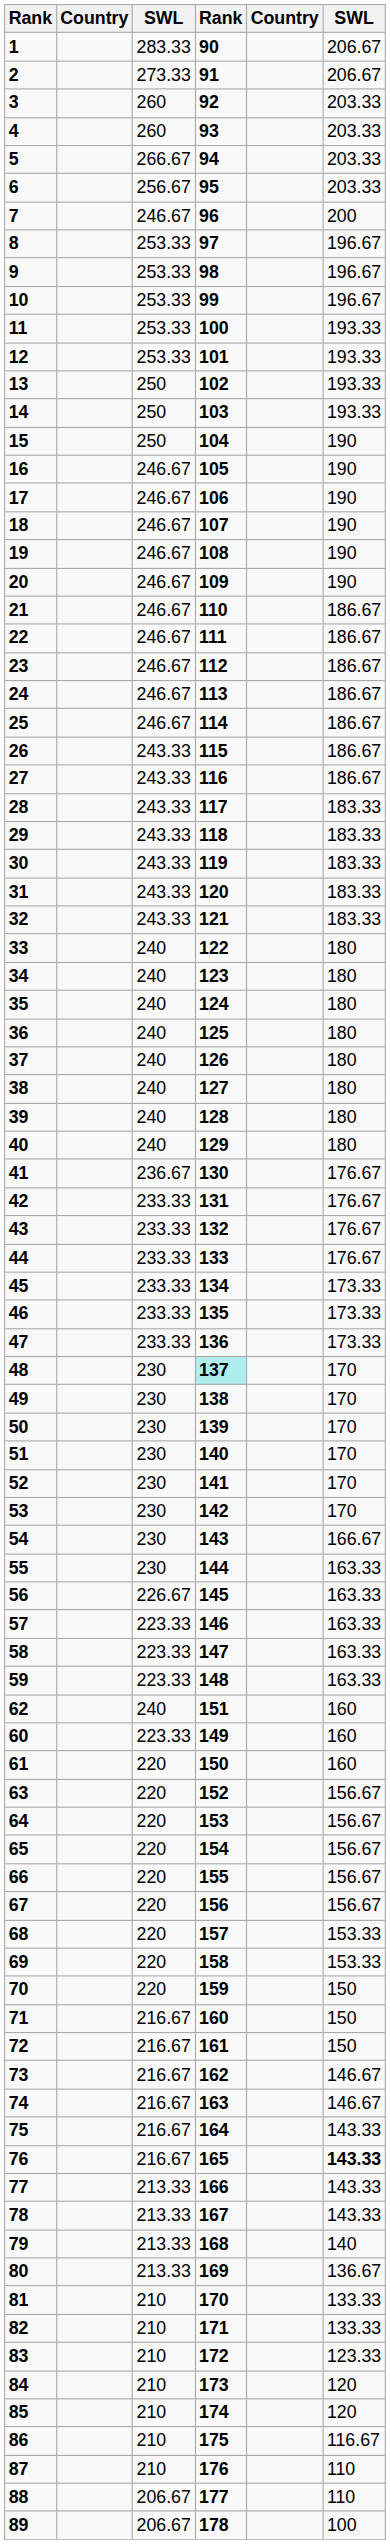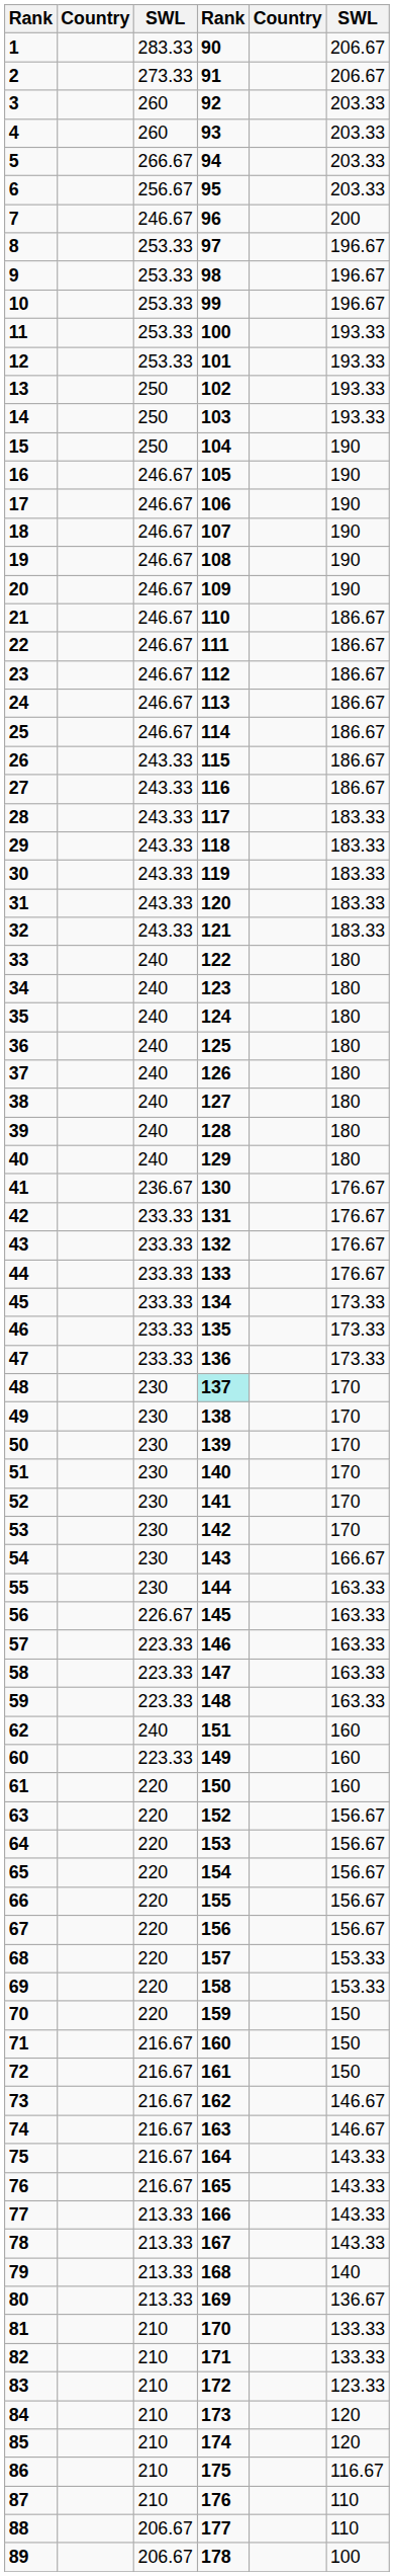 <table class="wikitable">
 <tr>
 <th>Rank</th>
 <th>Country</th>
 <th>SWL</th>
 <th>Rank</th>
 <th>Country</th>
 <th>SWL</th>
 </tr>
 <tr>
 <td><strong>1</strong></td>
 <td></td>
 <td>283.33</td>
 <td><strong>90</strong></td>
 <td></td>
 <td>206.67</td>
 </tr>
 <tr>
 <td><strong>2</strong></td>
 <td></td>
 <td>273.33</td>
 <td><strong>91</strong></td>
 <td></td>
 <td>206.67</td>
 </tr>
 <tr>
 <td><strong>3</strong></td>
 <td></td>
 <td>260</td>
 <td><strong>92</strong></td>
 <td></td>
 <td>203.33</td>
 </tr>
 <tr>
 <td><strong>4</strong></td>
 <td></td>
 <td>260</td>
 <td><strong>93</strong></td>
 <td></td>
 <td>203.33</td>
 </tr>
 <tr>
 <td><strong>5</strong></td>
 <td></td>
 <td>266.67</td>
 <td><strong>94</strong></td>
 <td></td>
 <td>203.33</td>
 </tr>
 <tr>
 <td><strong>6</strong></td>
 <td></td>
 <td>256.67</td>
 <td><strong>95</strong></td>
 <td></td>
 <td>203.33</td>
 </tr>
 <tr>
 <td><strong>7</strong></td>
 <td></td>
 <td>246.67</td>
 <td><strong>96</strong></td>
 <td></td>
 <td>200</td>
 </tr>
 <tr>
 <td><strong>8</strong></td>
 <td></td>
 <td>253.33</td>
 <td><strong>97</strong></td>
 <td></td>
 <td>196.67</td>
 </tr>
 <tr>
 <td><strong>9</strong></td>
 <td></td>
 <td>253.33</td>
 <td><strong>98</strong></td>
 <td></td>
 <td>196.67</td>
 </tr>
 <tr>
 <td><strong>10</strong></td>
 <td></td>
 <td>253.33</td>
 <td><strong>99</strong></td>
 <td></td>
 <td>196.67</td>
 </tr>
 <tr>
 <td><strong>11</strong></td>
 <td></td>
 <td>253.33</td>
 <td><strong>100</strong></td>
 <td></td>
 <td>193.33</td>
 </tr>
 <tr>
 <td><strong>12</strong></td>
 <td></td>
 <td>253.33</td>
 <td><strong>101</strong></td>
 <td></td>
 <td>193.33</td>
 </tr>
 <tr>
 <td><strong>13</strong></td>
 <td></td>
 <td>250</td>
 <td><strong>102</strong></td>
 <td></td>
 <td>193.33</td>
 </tr>
 <tr>
 <td><strong>14</strong></td>
 <td></td>
 <td>250</td>
 <td><strong>103</strong></td>
 <td></td>
 <td>193.33</td>
 </tr>
 <tr>
 <td><strong>15</strong></td>
 <td></td>
 <td>250</td>
 <td><strong>104</strong></td>
 <td></td>
 <td>190</td>
 </tr>
 <tr>
 <td><strong>16</strong></td>
 <td></td>
 <td>246.67</td>
 <td><strong>105</strong></td>
 <td></td>
 <td>190</td>
 </tr>
 <tr>
 <td><strong>17</strong></td>
 <td></td>
 <td>246.67</td>
 <td><strong>106</strong></td>
 <td></td>
 <td>190</td>
 </tr>
 <tr>
 <td><strong>18</strong></td>
 <td></td>
 <td>246.67</td>
 <td><strong>107</strong></td>
 <td></td>
 <td>190</td>
 </tr>
 <tr>
 <td><strong>19</strong></td>
 <td></td>
 <td>246.67</td>
 <td><strong>108</strong></td>
 <td></td>
 <td>190</td>
 </tr>
 <tr>
 <td><strong>20</strong></td>
 <td></td>
 <td>246.67</td>
 <td><strong>109</strong></td>
 <td></td>
 <td>190</td>
 </tr>
 <tr>
 <td><strong>21</strong></td>
 <td></td>
 <td>246.67</td>
 <td><strong>110</strong></td>
 <td></td>
 <td>186.67</td>
 </tr>
 <tr>
 <td><strong>22</strong></td>
 <td></td>
 <td>246.67</td>
 <td><strong>111</strong></td>
 <td></td>
 <td>186.67</td>
 </tr>
 <tr>
 <td><strong>23</strong></td>
 <td></td>
 <td>246.67</td>
 <td><strong>112</strong></td>
 <td></td>
 <td>186.67</td>
 </tr>
 <tr>
 <td><strong>24</strong></td>
 <td></td>
 <td>246.67</td>
 <td><strong>113</strong></td>
 <td></td>
 <td>186.67</td>
 </tr>
 <tr>
 <td><strong>25</strong></td>
 <td></td>
 <td>246.67</td>
 <td><strong>114</strong></td>
 <td></td>
 <td>186.67</td>
 </tr>
 <tr>
 <td><strong>26</strong></td>
 <td></td>
 <td>243.33</td>
 <td><strong>115</strong></td>
 <td></td>
 <td>186.67</td>
 </tr>
 <tr>
 <td><strong>27</strong></td>
 <td></td>
 <td>243.33</td>
 <td><strong>116</strong></td>
 <td></td>
 <td>186.67</td>
 </tr>
 <tr>
 <td><strong>28</strong></td>
 <td></td>
 <td>243.33</td>
 <td><strong>117</strong></td>
 <td></td>
 <td>183.33</td>
 </tr>
 <tr>
 <td><strong>29</strong></td>
 <td></td>
 <td>243.33</td>
 <td><strong>118</strong></td>
 <td></td>
 <td>183.33</td>
 </tr>
 <tr>
 <td><strong>30</strong></td>
 <td></td>
 <td>243.33</td>
 <td><strong>119</strong></td>
 <td></td>
 <td>183.33</td>
 </tr>
 <tr>
 <td><strong>31</strong></td>
 <td></td>
 <td>243.33</td>
 <td><strong>120</strong></td>
 <td></td>
 <td>183.33</td>
 </tr>
 <tr>
 <td><strong>32</strong></td>
 <td></td>
 <td>243.33</td>
 <td><strong>121</strong></td>
 <td></td>
 <td>183.33</td>
 </tr>
 <tr>
 <td><strong>33</strong></td>
 <td></td>
 <td>240</td>
 <td><strong>122</strong></td>
 <td></td>
 <td>180</td>
 </tr>
 <tr>
 <td><strong>34</strong></td>
 <td></td>
 <td>240</td>
 <td><strong>123</strong></td>
 <td></td>
 <td>180</td>
 </tr>
 <tr>
 <td><strong>35</strong></td>
 <td></td>
 <td>240</td>
 <td><strong>124</strong></td>
 <td></td>
 <td>180</td>
 </tr>
 <tr>
 <td><strong>36</strong></td>
 <td></td>
 <td>240</td>
 <td><strong>125</strong></td>
 <td></td>
 <td>180</td>
 </tr>
 <tr>
 <td><strong>37</strong></td>
 <td></td>
 <td>240</td>
 <td><strong>126</strong></td>
 <td></td>
 <td>180</td>
 </tr>
 <tr>
 <td><strong>38</strong></td>
 <td></td>
 <td>240</td>
 <td><strong>127</strong></td>
 <td></td>
 <td>180</td>
 </tr>
 <tr>
 <td><strong>39</strong></td>
 <td></td>
 <td>240</td>
 <td><strong>128</strong></td>
 <td></td>
 <td>180</td>
 </tr>
 <tr>
 <td><strong>40</strong></td>
 <td></td>
 <td>240</td>
 <td><strong>129</strong></td>
 <td></td>
 <td>180</td>
 </tr>
 <tr>
 <td><strong>41</strong></td>
 <td></td>
 <td>236.67</td>
 <td><strong>130</strong></td>
 <td></td>
 <td>176.67</td>
 </tr>
 <tr>
 <td><strong>42</strong></td>
 <td></td>
 <td>233.33</td>
 <td><strong>131</strong></td>
 <td></td>
 <td>176.67</td>
 </tr>
 <tr>
 <td><strong>43</strong></td>
 <td></td>
 <td>233.33</td>
 <td><strong>132</strong></td>
 <td></td>
 <td>176.67</td>
 </tr>
 <tr>
 <td><strong>44</strong></td>
 <td></td>
 <td>233.33</td>
 <td><strong>133</strong></td>
 <td></td>
 <td>176.67</td>
 </tr>
 <tr>
 <td><strong>45</strong></td>
 <td></td>
 <td>233.33</td>
 <td><strong>134</strong></td>
 <td></td>
 <td>173.33</td>
 </tr>
 <tr>
 <td><strong>46</strong></td>
 <td></td>
 <td>233.33</td>
 <td><strong>135</strong></td>
 <td></td>
 <td>173.33</td>
 </tr>
 <tr>
 <td><strong>47</strong></td>
 <td></td>
 <td>233.33</td>
 <td><strong>136</strong></td>
 <td></td>
 <td>173.33</td>
 </tr>
 <tr>
 <td><strong>48</strong></td>
 <td></td>
 <td>230</td>
 <td style="background: paleturquoise;"><strong>137</strong></td>
 <td></td>
 <td>170</td>
 </tr>
 <tr>
 <td><strong>49</strong></td>
 <td></td>
 <td>230</td>
 <td><strong>138</strong></td>
 <td></td>
 <td>170</td>
 </tr>
 <tr>
 <td><strong>50</strong></td>
 <td></td>
 <td>230</td>
 <td><strong>139</strong></td>
 <td></td>
 <td>170</td>
 </tr>
 <tr>
 <td><strong>51</strong></td>
 <td></td>
 <td>230</td>
 <td><strong>140</strong></td>
 <td></td>
 <td>170</td>
 </tr>
 <tr>
 <td><strong>52</strong></td>
 <td></td>
 <td>230</td>
 <td><strong>141</strong></td>
 <td></td>
 <td>170</td>
 </tr>
 <tr>
 <td><strong>53</strong></td>
 <td></td>
 <td>230</td>
 <td><strong>142</strong></td>
 <td></td>
 <td>170</td>
 </tr>
 <tr>
 <td><strong>54</strong></td>
 <td></td>
 <td>230</td>
 <td><strong>143</strong></td>
 <td></td>
 <td>166.67</td>
 </tr>
 <tr>
 <td><strong>55</strong></td>
 <td></td>
 <td>230</td>
 <td><strong>144</strong></td>
 <td></td>
 <td>163.33</td>
 </tr>
 <tr>
 <td><strong>56</strong></td>
 <td></td>
 <td>226.67</td>
 <td><strong>145</strong></td>
 <td></td>
 <td>163.33</td>
 </tr>
 <tr>
 <td><strong>57</strong></td>
 <td></td>
 <td>223.33</td>
 <td><strong>146</strong></td>
 <td></td>
 <td>163.33</td>
 </tr>
 <tr>
 <td><strong>58</strong></td>
 <td></td>
 <td>223.33</td>
 <td><strong>147</strong></td>
 <td></td>
 <td>163.33</td>
 </tr>
 <tr>
 <td><strong>59</strong></td>
 <td></td>
 <td>223.33</td>
 <td><strong>148</strong></td>
 <td></td>
 <td>163.33</td>
 </tr>
 <tr>
 <td><strong>62</strong></td>
 <td></td>
 <td>240</td>
 <td><strong>151</strong></td>
 <td></td>
 <td>160</td>
 </tr>
 <tr>
 <td><strong>60</strong></td>
 <td></td>
 <td>223.33</td>
 <td><strong>149</strong></td>
 <td></td>
 <td>160</td>
 </tr>
 <tr>
 <td><strong>61</strong></td>
 <td></td>
 <td>220</td>
 <td><strong>150</strong></td>
 <td></td>
 <td>160</td>
 </tr>
 <tr>
 <td><strong>63</strong></td>
 <td></td>
 <td>220</td>
 <td><strong>152</strong></td>
 <td></td>
 <td>156.67</td>
 </tr>
 <tr>
 <td><strong>64</strong></td>
 <td></td>
 <td>220</td>
 <td><strong>153</strong></td>
 <td></td>
 <td>156.67</td>
 </tr>
 <tr>
 <td><strong>65</strong></td>
 <td></td>
 <td>220</td>
 <td><strong>154</strong></td>
 <td></td>
 <td>156.67</td>
 </tr>
 <tr>
 <td><strong>66</strong></td>
 <td></td>
 <td>220</td>
 <td><strong>155</strong></td>
 <td></td>
 <td>156.67</td>
 </tr>
 <tr>
 <td><strong>67</strong></td>
 <td></td>
 <td>220</td>
 <td><strong>156</strong></td>
 <td></td>
 <td>156.67</td>
 </tr>
 <tr>
 <td><strong>68</strong></td>
 <td></td>
 <td>220</td>
 <td><strong>157</strong></td>
 <td></td>
 <td>153.33</td>
 </tr>
 <tr>
 <td><strong>69</strong></td>
 <td></td>
 <td>220</td>
 <td><strong>158</strong></td>
 <td></td>
 <td>153.33</td>
 </tr>
 <tr>
 <td><strong>70</strong></td>
 <td></td>
 <td>220</td>
 <td><strong>159</strong></td>
 <td></td>
 <td>150</td>
 </tr>
 <tr>
 <td><strong>71</strong></td>
 <td></td>
 <td>216.67</td>
 <td><strong>160</strong></td>
 <td></td>
 <td>150</td>
 </tr>
 <tr>
 <td><strong>72</strong></td>
 <td></td>
 <td>216.67</td>
 <td><strong>161</strong></td>
 <td></td>
 <td>150</td>
 </tr>
 <tr>
 <td><strong>73</strong></td>
 <td></td>
 <td>216.67</td>
 <td><strong>162</strong></td>
 <td></td>
 <td>146.67</td>
 </tr>
 <tr>
 <td><strong>74</strong></td>
 <td></td>
 <td>216.67</td>
 <td><strong>163</strong></td>
 <td></td>
 <td>146.67</td>
 </tr>
 <tr>
 <td><strong>75</strong></td>
 <td></td>
 <td>216.67</td>
 <td><strong>164</strong></td>
 <td></td>
 <td>143.33</td>
 </tr>
 <tr>
 <td><strong>76</strong></td>
 <td></td>
 <td>216.67</td>
 <td><strong>165</strong></td>
 <td></td>
-<td><strong>143.33</strong></td>
+<td>143.33</td>
 </tr>
 <tr>
 <td><strong>77</strong></td>
 <td></td>
 <td>213.33</td>
 <td><strong>166</strong></td>
 <td></td>
 <td>143.33</td>
 </tr>
 <tr>
 <td><strong>78</strong></td>
 <td></td>
 <td>213.33</td>
 <td><strong>167</strong></td>
 <td></td>
 <td>143.33</td>
 </tr>
 <tr>
 <td><strong>79</strong></td>
 <td></td>
 <td>213.33</td>
 <td><strong>168</strong></td>
 <td></td>
 <td>140</td>
 </tr>
 <tr>
 <td><strong>80</strong></td>
 <td></td>
 <td>213.33</td>
 <td><strong>169</strong></td>
 <td></td>
 <td>136.67</td>
 </tr>
 <tr>
 <td><strong>81</strong></td>
 <td></td>
 <td>210</td>
 <td><strong>170</strong></td>
 <td></td>
 <td>133.33</td>
 </tr>
 <tr>
 <td><strong>82</strong></td>
 <td></td>
 <td>210</td>
 <td><strong>171</strong></td>
 <td></td>
 <td>133.33</td>
 </tr>
 <tr>
 <td><strong>83</strong></td>
 <td></td>
 <td>210</td>
 <td><strong>172</strong></td>
 <td></td>
 <td>123.33</td>
 </tr>
 <tr>
 <td><strong>84</strong></td>
 <td></td>
 <td>210</td>
 <td><strong>173</strong></td>
 <td></td>
 <td>120</td>
 </tr>
 <tr>
 <td><strong>85</strong></td>
 <td></td>
 <td>210</td>
 <td><strong>174</strong></td>
 <td></td>
 <td>120</td>
 </tr>
 <tr>
 <td><strong>86</strong></td>
 <td></td>
 <td>210</td>
 <td><strong>175</strong></td>
 <td></td>
 <td>116.67</td>
 </tr>
 <tr>
 <td><strong>87</strong></td>
 <td></td>
 <td>210</td>
 <td><strong>176</strong></td>
 <td></td>
 <td>110</td>
 </tr>
 <tr>
 <td><strong>88</strong></td>
 <td></td>
 <td>206.67</td>
 <td><strong>177</strong></td>
 <td></td>
 <td>110</td>
 </tr>
 <tr>
 <td><strong>89</strong></td>
 <td></td>
 <td>206.67</td>
 <td><strong>178</strong></td>
 <td></td>
 <td>100</td>
 </tr>
 </table>
